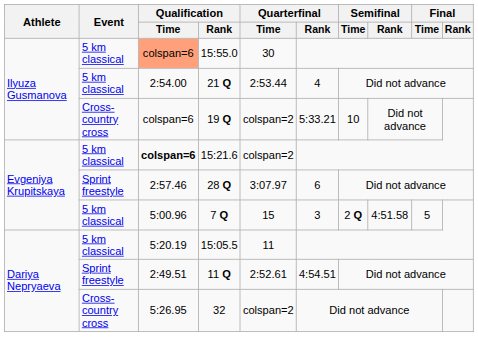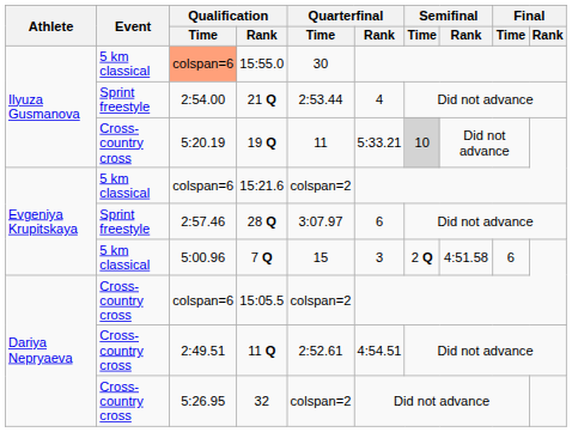 <table class="wikitable" style="font-size:90%; text-align:center;">
 <tr>
 <th rowspan=2>Athlete</th>
 <th rowspan=2>Event</th>
 <th colspan=2>Qualification</th>
 <th colspan=2>Quarterfinal</th>
 <th colspan=2>Semifinal</th>
 <th colspan=2>Final</th>
 </tr>
 <tr style="font-size:95%">
 <th>Time</th>
 <th>Rank</th>
 <th>Time</th>
 <th>Rank</th>
 <th>Time</th>
 <th>Rank</th>
 <th>Time</th>
 <th>Rank</th>
 </tr>
 <tr>
 <td align=left rowspan=3><a href='#'>Ilyuza Gusmanova</a></td>
 <td align=left><a href='#'>5 km classical</a></td>
 <td style="background: lightsalmon;">colspan=6 </td>
 <td>15:55.0</td>
 <td>30</td>
 </tr>
 <tr>
-<td align=left><a href='#'>5 km classical</a></td>
+<td align=left><a href='#'>Sprint freestyle</a></td>
 <td>2:54.00</td>
 <td>21 <strong>Q</strong></td>
 <td>2:53.44</td>
 <td>4</td>
 <td colspan=4>Did not advance</td>
 </tr>
 <tr>
 <td align=left><a href='#'>Cross-country cross</a></td>
-<td>colspan=6 </td>
+<td>5:20.19</td>
 <td>19 <strong>Q</strong></td>
-<td>colspan=2 </td>
+<td>11</td>
 <td>5:33.21</td>
-<td>10</td>
+<td style="background: lightgrey;">10</td>
 <td colspan=2>Did not advance</td>
 </tr>
 <tr>
 <td align=left rowspan=3><a href='#'>Evgeniya Krupitskaya</a></td>
 <td align=left><a href='#'>5 km classical</a></td>
-<td><strong>colspan=6 </strong></td>
+<td>colspan=6 </td>
 <td>15:21.6</td>
 <td>colspan=2 </td>
 </tr>
 <tr>
 <td align=left><a href='#'>Sprint freestyle</a></td>
 <td>2:57.46</td>
 <td>28 <strong>Q</strong></td>
 <td>3:07.97</td>
 <td>6</td>
 <td colspan=4>Did not advance</td>
 </tr>
 <tr>
 <td align=left><a href='#'>5 km classical</a></td>
 <td>5:00.96</td>
 <td>7 <strong>Q</strong></td>
 <td>15</td>
 <td>3</td>
 <td>2 <strong>Q</strong></td>
 <td>4:51.58</td>
-<td>5</td>
+<td>6</td>
 </tr>
 <tr>
 <td align=left rowspan=3><a href='#'>Dariya Nepryaeva</a></td>
-<td align=left><a href='#'>5 km classical</a></td>
-<td>5:20.19</td>
+<td align=left><a href='#'>Cross-country cross</a></td>
+<td>colspan=6 </td>
 <td>15:05.5</td>
-<td>11</td>
+<td>colspan=2 </td>
 </tr>
 <tr>
-<td align=left><a href='#'>Sprint freestyle</a></td>
+<td align=left><a href='#'>Cross-country cross</a></td>
 <td>2:49.51</td>
 <td>11 <strong>Q</strong></td>
 <td>2:52.61</td>
 <td>4:54.51</td>
 <td colspan=4>Did not advance</td>
 </tr>
 <tr>
 <td align=left><a href='#'>Cross-country cross</a></td>
 <td>5:26.95</td>
 <td>32</td>
 <td>colspan=2 </td>
 <td colspan=4>Did not advance</td>
 </tr>
 </table>
